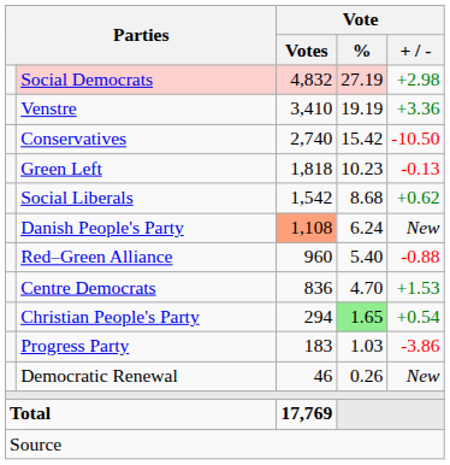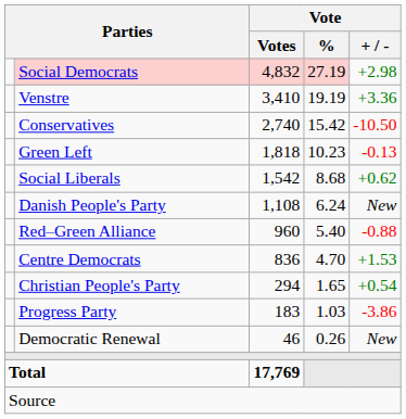 <table class="wikitable" style="text-align:right;">
 <tr>
 <th style="text-align:centre;" rowspan="2" colspan="2" width="225">Parties</th>
 <th colspan="3">Vote</th>
 </tr>
 <tr>
 <th width="15">Votes</th>
 <th width="15">%</th>
 <th width="15">+ / -</th>
 </tr>
 <tr>
 <td width="2" style="color:inherit;background:"></td>
 <td bgcolor=#fbd0ce  align="left"><a href='#'>Social Democrats</a></td>
 <td bgcolor=#fbd0ce>4,832</td>
 <td bgcolor=#fbd0ce>27.19</td>
 <td style=color:green;>+2.98</td>
 </tr>
 <tr>
 <td width="2" style="color:inherit;background:"></td>
 <td align="left"><a href='#'>Venstre</a></td>
 <td>3,410</td>
 <td>19.19</td>
 <td style=color:green;>+3.36</td>
 </tr>
 <tr>
 <td width="2" style="color:inherit;background:"></td>
 <td align="left"><a href='#'>Conservatives</a></td>
 <td>2,740</td>
 <td>15.42</td>
 <td style=color:red;>-10.50</td>
 </tr>
 <tr>
 <td width="2" style="color:inherit;background:"></td>
 <td align="left"><a href='#'>Green Left</a></td>
 <td>1,818</td>
 <td>10.23</td>
 <td style=color:red;>-0.13</td>
 </tr>
 <tr>
 <td width="2" style="color:inherit;background:"></td>
 <td align="left"><a href='#'>Social Liberals</a></td>
 <td>1,542</td>
 <td>8.68</td>
 <td style=color:green;>+0.62</td>
 </tr>
 <tr>
 <td width="2" style="color:inherit;background:"></td>
 <td align="left"><a href='#'>Danish People's Party</a></td>
-<td style="background: lightsalmon;">1,108</td>
+<td>1,108</td>
 <td>6.24</td>
 <td><em>New</em></td>
 </tr>
 <tr>
 <td width="2" style="color:inherit;background:"></td>
 <td align="left"><a href='#'>Red–Green Alliance</a></td>
 <td>960</td>
 <td>5.40</td>
 <td style=color:red;>-0.88</td>
 </tr>
 <tr>
 <td width="2" style="color:inherit;background:"></td>
 <td align="left"><a href='#'>Centre Democrats</a></td>
 <td>836</td>
 <td>4.70</td>
 <td style=color:green;>+1.53</td>
 </tr>
 <tr>
 <td width="2" style="color:inherit;background:"></td>
 <td align="left"><a href='#'>Christian People's Party</a></td>
 <td>294</td>
-<td style="background: lightgreen;">1.65</td>
+<td>1.65</td>
 <td style=color:green;>+0.54</td>
 </tr>
 <tr>
 <td width="2" style="color:inherit;background:"></td>
 <td align="left"><a href='#'>Progress Party</a></td>
 <td>183</td>
 <td>1.03</td>
 <td style=color:red;>-3.86</td>
 </tr>
 <tr>
 <td width="2" style="color:inherit;background:"></td>
 <td align="left">Democratic Renewal</td>
 <td>46</td>
 <td>0.26</td>
 <td><em>New</em></td>
 </tr>
 <tr>
 <td colspan="7" bgcolor="#E9E9E9"></td>
 </tr>
 <tr>
 <td align="left" colspan="2"><strong>Total</strong></td>
 <td><strong>17,769</strong></td>
 <td bgcolor="#E9E9E9" colspan="2"></td>
 </tr>
 <tr>
 <td align="left" colspan="6">Source</td>
 </tr>
 </table>
